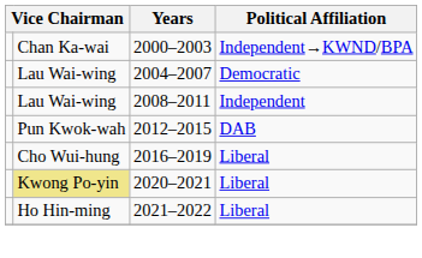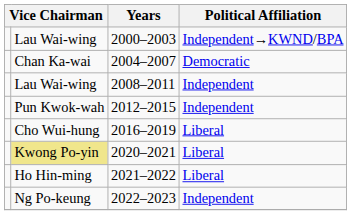 <table class="wikitable">
 <tr>
 <th colspan=2>Vice Chairman</th>
 <th>Years</th>
 <th>Political Affiliation</th>
 </tr>
 <tr>
 <td style="color:inherit;background:"></td>
-<td>Chan Ka-wai</td>
+<td>Lau Wai-wing</td>
 <td>2000–2003</td>
 <td><a href='#'>Independent</a>→<a href='#'>KWND</a>/<a href='#'>BPA</a></td>
 </tr>
 <tr>
 <td style="color:inherit;background: "></td>
-<td>Lau Wai-wing</td>
+<td>Chan Ka-wai</td>
 <td>2004–2007</td>
 <td><a href='#'>Democratic</a></td>
 </tr>
 <tr>
 <td style="color:inherit;background:"></td>
 <td>Lau Wai-wing</td>
 <td>2008–2011</td>
 <td><a href='#'>Independent</a></td>
 </tr>
 <tr>
 <td style="color:inherit;background: "></td>
 <td>Pun Kwok-wah</td>
 <td>2012–2015</td>
-<td><a href='#'>DAB</a></td>
+<td><a href='#'>Independent</a></td>
 </tr>
 <tr>
 <td style="color:inherit;background:"></td>
 <td>Cho Wui-hung</td>
 <td>2016–2019</td>
 <td><a href='#'>Liberal</a></td>
 </tr>
 <tr>
 <td style="color:inherit;background:"></td>
 <td style="background: khaki;">Kwong Po-yin</td>
 <td>2020–2021</td>
 <td><a href='#'>Liberal</a></td>
 </tr>
 <tr>
 <td style="color:inherit;background:"></td>
 <td>Ho Hin-ming</td>
 <td>2021–2022</td>
 <td><a href='#'>Liberal</a></td>
 </tr>
 <tr>
+<td style="color:inherit;background:"></td>
+<td>Ng Po-keung</td>
+<td>2022–2023</td>
+<td><a href='#'>Independent</a></td>
+</tr>
+<tr>
 </tr>
 </table>
